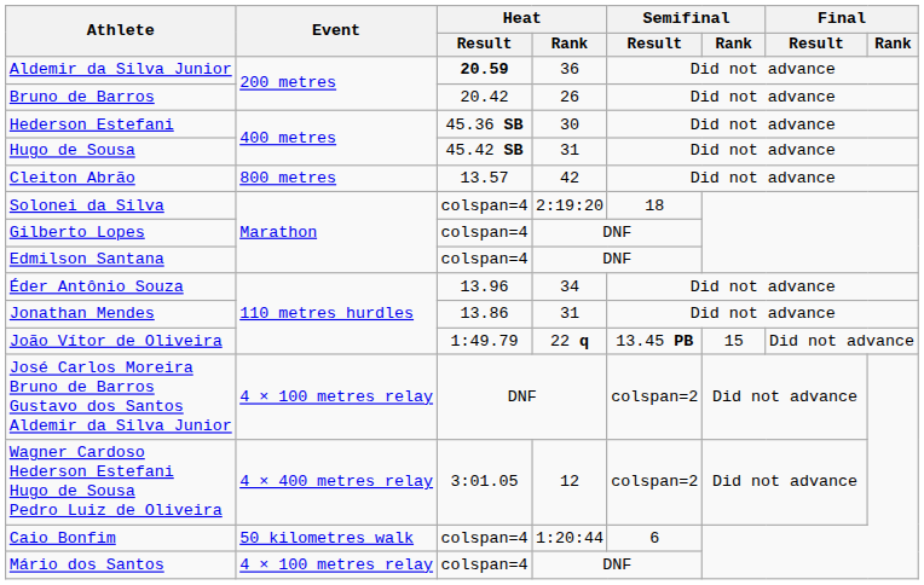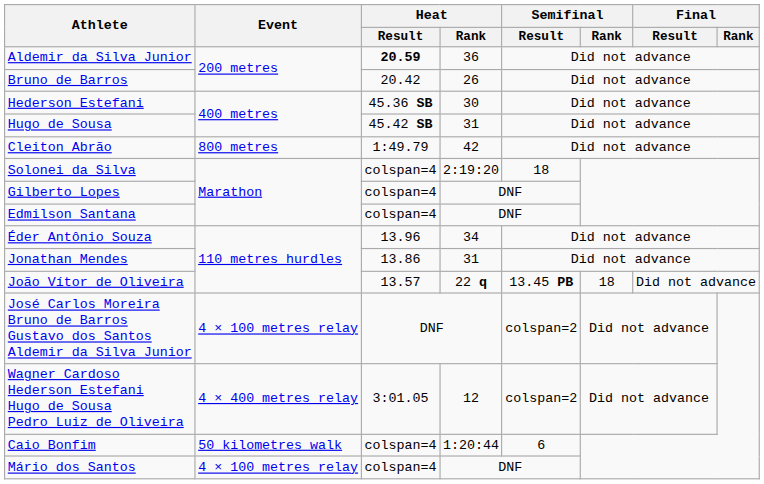 <table class="wikitable" style="font-size:90%">
 <tr>
 <th rowspan="2">Athlete</th>
 <th rowspan="2">Event</th>
 <th colspan="2">Heat</th>
 <th colspan="2">Semifinal</th>
 <th colspan="2">Final</th>
 </tr>
 <tr style="font-size:95%">
 <th>Result</th>
 <th>Rank</th>
 <th>Result</th>
 <th>Rank</th>
 <th>Result</th>
 <th>Rank</th>
 </tr>
 <tr style=text-align:center>
 <td style=text-align:left><a href='#'>Aldemir da Silva Junior</a></td>
 <td style=text-align:left rowspan=2><a href='#'>200 metres</a></td>
 <td><strong>20.59</strong></td>
 <td>36</td>
 <td colspan=4>Did not advance</td>
 </tr>
 <tr style=text-align:center>
 <td style=text-align:left><a href='#'>Bruno de Barros</a></td>
 <td>20.42</td>
 <td>26</td>
 <td colspan=4>Did not advance</td>
 </tr>
 <tr style=text-align:center>
 <td style=text-align:left><a href='#'>Hederson Estefani</a></td>
 <td style=text-align:left rowspan=2><a href='#'>400 metres</a></td>
 <td>45.36 <strong>SB</strong></td>
 <td>30</td>
 <td colspan=4>Did not advance</td>
 </tr>
 <tr style=text-align:center>
 <td style=text-align:left><a href='#'>Hugo de Sousa</a></td>
 <td>45.42 <strong>SB</strong></td>
 <td>31</td>
 <td colspan=4>Did not advance</td>
 </tr>
 <tr style=text-align:center>
 <td style=text-align:left><a href='#'>Cleiton Abrão</a></td>
 <td style=text-align:left><a href='#'>800 metres</a></td>
-<td>13.57</td>
+<td>1:49.79</td>
 <td>42</td>
 <td colspan=4>Did not advance</td>
 </tr>
 <tr style=text-align:center>
 <td style=text-align:left><a href='#'>Solonei da Silva</a></td>
 <td style=text-align:left rowspan=3><a href='#'>Marathon</a></td>
 <td>colspan=4 </td>
 <td>2:19:20</td>
 <td>18</td>
 </tr>
 <tr style=text-align:center>
 <td style=text-align:left><a href='#'>Gilberto Lopes</a></td>
 <td>colspan=4 </td>
 <td colspan=2>DNF</td>
 </tr>
 <tr style=text-align:center>
 <td style=text-align:left><a href='#'>Edmilson Santana</a></td>
 <td>colspan=4 </td>
 <td colspan=2>DNF</td>
 </tr>
 <tr style=text-align:center>
 <td style=text-align:left><a href='#'>Éder Antônio Souza</a></td>
 <td style=text-align:left rowspan=3><a href='#'>110 metres hurdles</a></td>
 <td>13.96</td>
 <td>34</td>
 <td colspan=4>Did not advance</td>
 </tr>
 <tr style=text-align:center>
 <td style=text-align:left><a href='#'>Jonathan Mendes</a></td>
 <td>13.86</td>
 <td>31</td>
 <td colspan=4>Did not advance</td>
 </tr>
 <tr style=text-align:center>
 <td style=text-align:left><a href='#'>João Vítor de Oliveira</a></td>
-<td>1:49.79</td>
+<td>13.57</td>
 <td>22 <strong>q</strong></td>
 <td>13.45 <strong>PB</strong></td>
-<td>15</td>
+<td>18</td>
 <td colspan=2>Did not advance</td>
 </tr>
 <tr style=text-align:center>
 <td style=text-align:left><a href='#'>José Carlos Moreira</a><br><a href='#'>Bruno de Barros</a><br><a href='#'>Gustavo dos Santos</a><br><a href='#'>Aldemir da Silva Junior</a></td>
 <td style=text-align:left><a href='#'>4 × 100 metres relay</a></td>
 <td colspan=2>DNF</td>
 <td>colspan=2 </td>
 <td colspan=2>Did not advance</td>
 </tr>
 <tr style=text-align:center>
 <td style=text-align:left><a href='#'>Wagner Cardoso</a><br><a href='#'>Hederson Estefani</a><br><a href='#'>Hugo de Sousa</a><br><a href='#'>Pedro Luiz de Oliveira</a></td>
 <td style=text-align:left><a href='#'>4 × 400 metres relay</a></td>
 <td>3:01.05</td>
 <td>12</td>
 <td>colspan=2 </td>
 <td colspan=2>Did not advance</td>
 </tr>
 <tr style=text-align:center>
 <td style=text-align:left><a href='#'>Caio Bonfim</a></td>
 <td style=text-align:left><a href='#'>50 kilometres walk</a></td>
 <td>colspan=4 </td>
 <td>1:20:44</td>
 <td>6</td>
 </tr>
 <tr style=text-align:center>
 <td style=text-align:left><a href='#'>Mário dos Santos</a></td>
 <td style=text-align:left><a href='#'>4 × 100 metres relay</a></td>
 <td>colspan=4 </td>
 <td colspan=2>DNF</td>
 </tr>
 </table>
